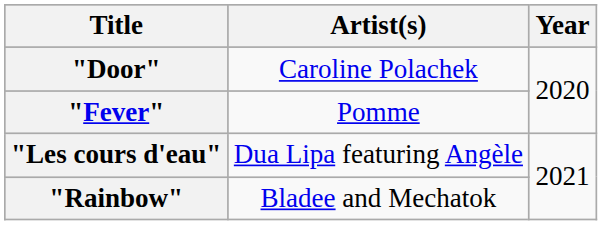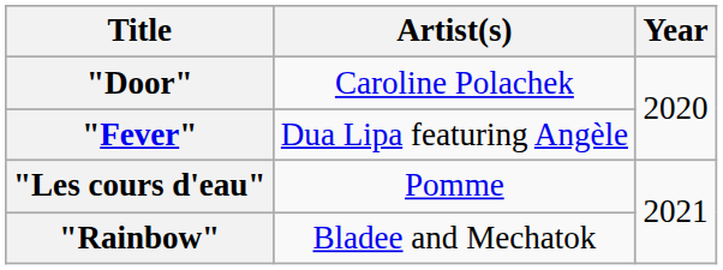 <table class="wikitable plainrowheaders" style="text-align:center;">
 <tr>
 <th scope="col">Title</th>
 <th scope="col">Artist(s)</th>
 <th scope="col">Year</th>
 </tr>
 <tr>
 <th scope="row">"Door"</th>
 <td><a href='#'>Caroline Polachek</a></td>
 <td rowspan="2">2020</td>
 </tr>
 <tr>
 <th scope="row">"<a href='#'>Fever</a>"</th>
-<td><a href='#'>Pomme</a></td>
+<td><a href='#'>Dua Lipa</a> featuring <a href='#'>Angèle</a></td>
 </tr>
 <tr>
 <th scope="row">"Les cours d'eau"</th>
-<td><a href='#'>Dua Lipa</a> featuring <a href='#'>Angèle</a></td>
+<td><a href='#'>Pomme</a></td>
 <td rowspan="2">2021</td>
 </tr>
 <tr>
 <th scope="row">"Rainbow"</th>
 <td><a href='#'>Bladee</a> and Mechatok</td>
 </tr>
 </table>
